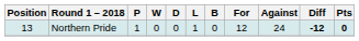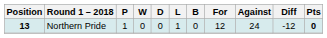 <table class="wikitable" style="text-align:center; font-size:85%;">
 <tr style="background: #d7ebed;">
 <th width="40" abbr="Position">Position</th>
 <th width="100">Round 1 – 2018</th>
 <th width="20" abbr="Played">P</th>
 <th width="20" abbr="Won">W</th>
 <th width="20" abbr="Drawn">D</th>
 <th width="20" abbr="Lost">L</th>
 <th width="20" abbr="Bye">B</th>
 <th width="40" abbr="Points for">For</th>
 <th width="40" abbr="Points against">Against</th>
 <th width="40" abbr="Points difference">Diff</th>
 <th width=20 abbr="Points">Pts</th>
 </tr>
 <tr style="background: #d7ebed;">
-<td>13</td>
+<td><strong>13</strong></td>
 <td style="text-align:left;"> Northern Pride</td>
 <td>1</td>
 <td>0</td>
 <td>0</td>
 <td>1</td>
 <td>0</td>
 <td>12</td>
 <td>24</td>
-<td><strong>-12</strong></td>
+<td>-12</td>
 <td><strong>0</strong></td>
 </tr>
 <tr>
 </tr>
 </table>
